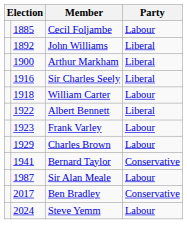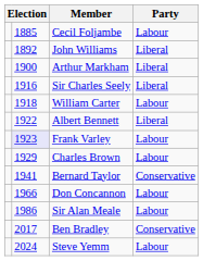 <table class="wikitable">
 <tr>
 <th colspan="2">Election</th>
 <th>Member</th>
 <th>Party</th>
 </tr>
 <tr>
 <td style="color:inherit;background-color: "></td>
 <td><a href='#'>1885</a></td>
 <td><a href='#'>Cecil Foljambe</a></td>
 <td><a href='#'>Labour</a></td>
 </tr>
 <tr>
 <td style="color:inherit;background-color: "></td>
 <td><a href='#'>1892</a></td>
 <td><a href='#'>John Williams</a></td>
 <td><a href='#'>Liberal</a></td>
 </tr>
 <tr>
 <td style="color:inherit;background-color: "></td>
 <td><a href='#'>1900</a></td>
 <td><a href='#'>Arthur Markham</a></td>
 <td><a href='#'>Liberal</a></td>
 </tr>
 <tr>
 <td style="color:inherit;background-color: "></td>
 <td><a href='#'>1916</a></td>
 <td><a href='#'>Sir Charles Seely</a></td>
 <td><a href='#'>Liberal</a></td>
 </tr>
 <tr>
 <td style="color:inherit;background-color: "></td>
 <td><a href='#'>1918</a></td>
 <td><a href='#'>William Carter</a></td>
 <td><a href='#'>Labour</a></td>
 </tr>
 <tr>
 <td style="color:inherit;background-color: "></td>
 <td><a href='#'>1922</a></td>
 <td><a href='#'>Albert Bennett</a></td>
 <td><a href='#'>Liberal</a></td>
 </tr>
 <tr>
 <td style="color:inherit;background-color: "></td>
-<td><a href='#'>1923</a></td>
+<td style="background: lavender;"><a href='#'>1923</a></td>
 <td><a href='#'>Frank Varley</a></td>
 <td><a href='#'>Labour</a></td>
 </tr>
 <tr>
 <td style="color:inherit;background-color: "></td>
 <td><a href='#'>1929</a></td>
 <td><a href='#'>Charles Brown</a></td>
 <td><a href='#'>Labour</a></td>
 </tr>
 <tr>
 <td style="color:inherit;background-color: "></td>
 <td><a href='#'>1941</a></td>
 <td><a href='#'>Bernard Taylor</a></td>
 <td><a href='#'>Conservative</a></td>
 </tr>
 <tr>
 <td style="color:inherit;background-color: "></td>
-<td><a href='#'>1987</a></td>
+<td><a href='#'>1966</a></td>
+<td><a href='#'>Don Concannon</a></td>
+<td><a href='#'>Labour</a></td>
+</tr>
+<tr>
+<td style="color:inherit;background-color: "></td>
+<td><a href='#'>1986</a></td>
 <td><a href='#'>Sir Alan Meale</a></td>
 <td><a href='#'>Labour</a></td>
 </tr>
 <tr>
 <td style="color:inherit;background-color: "></td>
 <td><a href='#'>2017</a></td>
 <td><a href='#'>Ben Bradley</a></td>
 <td><a href='#'>Conservative</a></td>
 </tr>
 <tr>
 <td style="color:inherit;background-color: "></td>
 <td><a href='#'>2024</a></td>
 <td><a href='#'>Steve Yemm</a></td>
 <td><a href='#'>Labour</a></td>
 </tr>
 </table>
